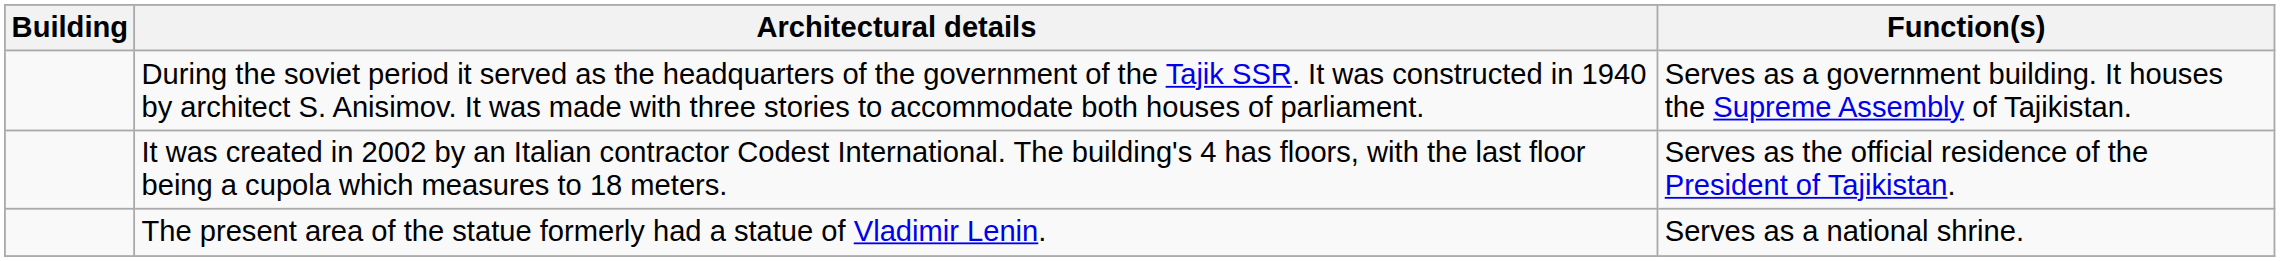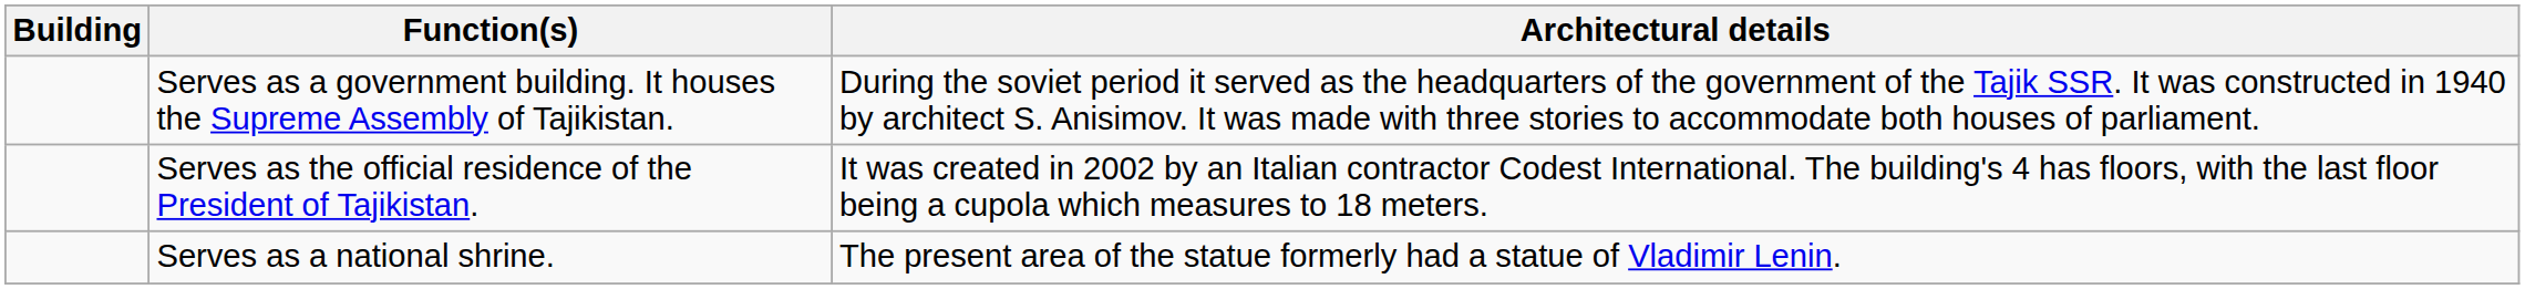 <table class="wikitable">
 <tr>
 <th>Building</th>
+<th>Function(s)</th>
 <th>Architectural details</th>
-<th>Function(s)</th>
 </tr>
 <tr>
 <td><br></td>
+<td>Serves as a government building. It houses the <a href='#'>Supreme Assembly</a> of Tajikistan.</td>
 <td>During the soviet period it served as the headquarters of the government of the <a href='#'>Tajik SSR</a>. It was constructed in 1940 by architect S. Anisimov. It was made with three stories to accommodate both houses of parliament.</td>
-<td>Serves as a government building. It houses the <a href='#'>Supreme Assembly</a> of Tajikistan.</td>
 </tr>
 <tr>
 <td><br></td>
+<td>Serves as the official residence of the <a href='#'>President of Tajikistan</a>.</td>
 <td>It was created in 2002 by an Italian contractor Codest International. The building's 4 has floors, with the last floor being a cupola which measures to 18 meters.</td>
-<td>Serves as the official residence of the <a href='#'>President of Tajikistan</a>.</td>
 </tr>
 <tr>
 <td></td>
+<td>Serves as a national shrine.</td>
 <td>The present area of the statue formerly had a statue of <a href='#'>Vladimir Lenin</a>.</td>
-<td>Serves as a national shrine.</td>
 </tr>
 </table>
